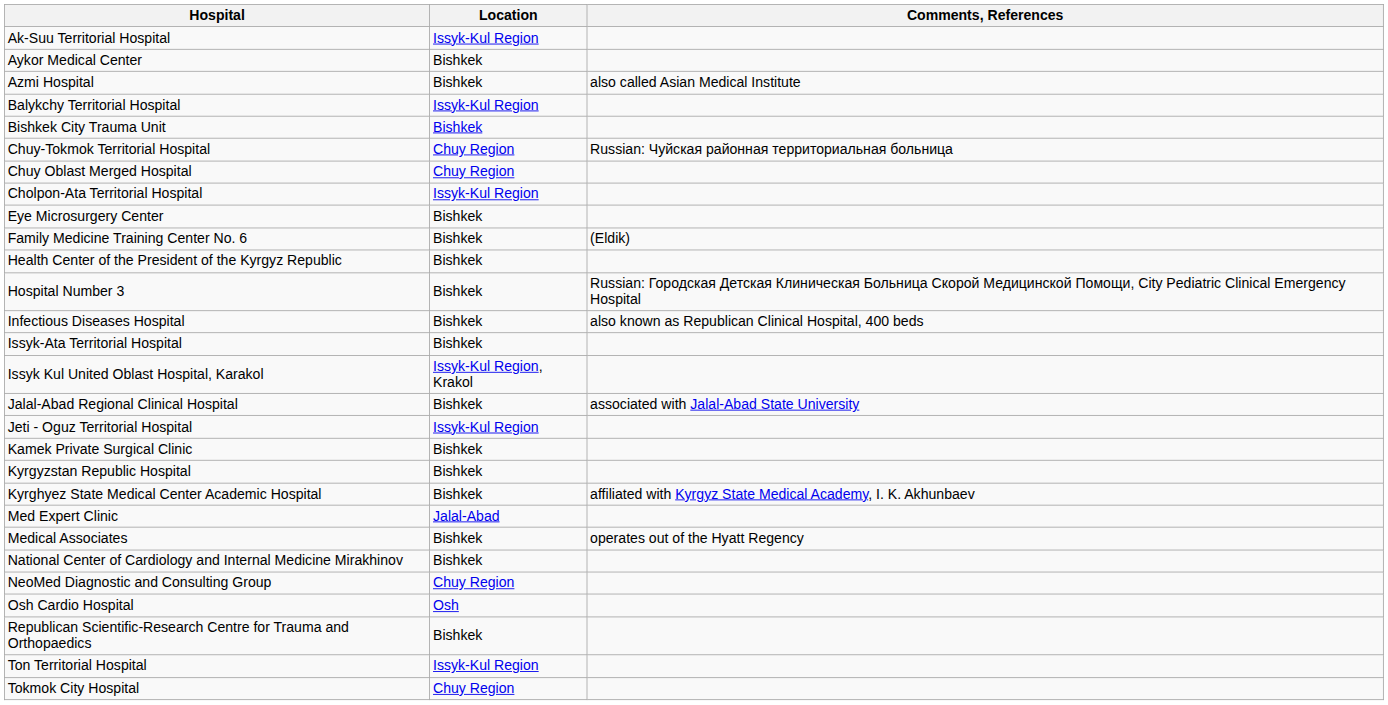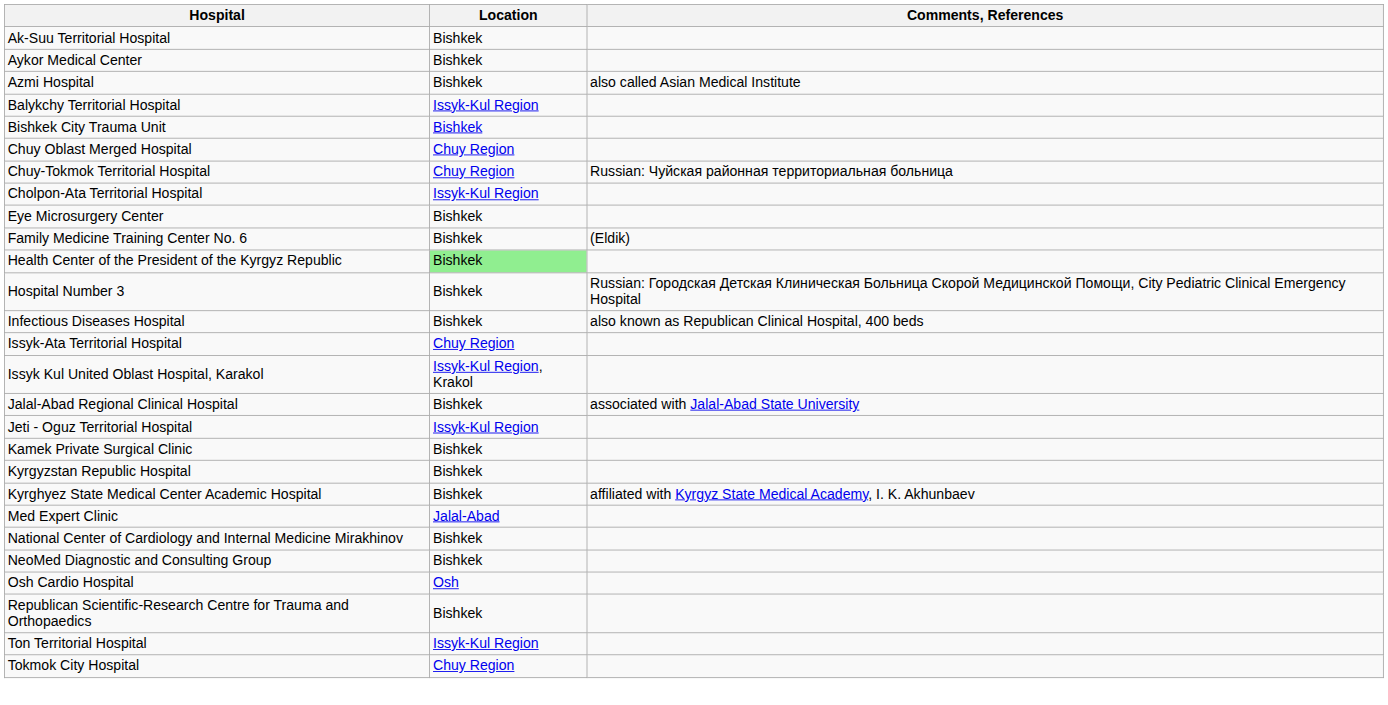 <table class="wikitable sortable plainrowheaders">
 <tr>
 <th>Hospital</th>
 <th>Location</th>
 <th>Comments, References</th>
 </tr>
 <tr>
 <td>Ak-Suu Territorial Hospital</td>
-<td><a href='#'>Issyk-Kul Region</a></td>
+<td>Bishkek</td>
 <td></td>
 </tr>
 <tr>
 <td>Aykor Medical Center</td>
 <td>Bishkek</td>
 <td></td>
 </tr>
 <tr>
 <td>Azmi Hospital</td>
 <td>Bishkek<br><small></small></td>
 <td>also called Asian Medical Institute</td>
 </tr>
 <tr>
 <td>Balykchy Territorial Hospital</td>
 <td><a href='#'>Issyk-Kul Region</a><br><small></small></td>
 <td></td>
 </tr>
 <tr>
 <td>Bishkek City Trauma Unit</td>
 <td><a href='#'>Bishkek</a></td>
 <td></td>
 </tr>
 <tr>
+<td>Chuy Oblast Merged Hospital</td>
+<td><a href='#'>Chuy Region</a></td>
+<td></td>
+</tr>
+<tr>
 <td>Chuy-Tokmok Territorial Hospital</td>
 <td><a href='#'>Chuy Region</a><br><small></small></td>
 <td>Russian: Чуйская районная территориальная больница</td>
-</tr>
-<tr>
-<td>Chuy Oblast Merged Hospital</td>
-<td><a href='#'>Chuy Region</a></td>
-<td></td>
 </tr>
 <tr>
 <td>Cholpon-Ata Territorial Hospital</td>
 <td><a href='#'>Issyk-Kul Region</a></td>
 <td></td>
 </tr>
 <tr>
 <td>Eye Microsurgery Center</td>
 <td>Bishkek</td>
 <td></td>
 </tr>
 <tr>
 <td>Family Medicine Training Center No. 6</td>
 <td>Bishkek</td>
 <td>(Eldik)</td>
 </tr>
 <tr>
 <td>Health Center of the President of the Kyrgyz Republic</td>
-<td>Bishkek</td>
+<td style="background: lightgreen;">Bishkek</td>
 <td></td>
 </tr>
 <tr>
 <td>Hospital Number 3</td>
 <td>Bishkek<br><small></small></td>
 <td>Russian:  Городская Детская Клиническая Больница Скорой Медицинской Помощи, City Pediatric Clinical Emergency Hospital</td>
 </tr>
 <tr>
 <td>Infectious Diseases Hospital</td>
 <td>Bishkek<br><small></small></td>
 <td>also known as Republican Clinical Hospital, 400 beds</td>
 </tr>
 <tr>
 <td>Issyk-Ata Territorial Hospital</td>
-<td>Bishkek<br><small></small></td>
+<td><a href='#'>Chuy Region</a></td>
 <td></td>
 </tr>
 <tr>
 <td>Issyk Kul United Oblast Hospital, Karakol</td>
 <td><a href='#'>Issyk-Kul Region</a>, Krakol</td>
 <td></td>
 </tr>
 <tr>
 <td>Jalal-Abad Regional Clinical Hospital</td>
 <td>Bishkek</td>
 <td>associated with <a href='#'>Jalal-Abad State University</a></td>
 </tr>
 <tr>
 <td>Jeti - Oguz Territorial Hospital</td>
 <td><a href='#'>Issyk-Kul Region</a></td>
 <td></td>
 </tr>
 <tr>
 <td>Kamek Private Surgical Clinic</td>
 <td>Bishkek<br><small></small></td>
 <td></td>
 </tr>
 <tr>
 <td>Kyrgyzstan Republic Hospital</td>
 <td>Bishkek<br><small></small></td>
 <td></td>
 </tr>
 <tr>
 <td>Kyrghyez State Medical Center Academic Hospital</td>
 <td>Bishkek<br><small></small></td>
 <td>affiliated with <a href='#'>Kyrgyz State Medical Academy</a>,  I. K. Akhunbaev</td>
 </tr>
 <tr>
 <td>Med Expert Clinic</td>
 <td><a href='#'>Jalal-Abad</a></td>
 <td></td>
 </tr>
 <tr>
-<td>Medical Associates</td>
-<td>Bishkek<br><small></small></td>
-<td>operates out of the Hyatt Regency</td>
-</tr>
-<tr>
 <td>National Center of Cardiology and Internal Medicine Mirakhinov</td>
 <td>Bishkek<br><small></small></td>
 <td></td>
 </tr>
 <tr>
 <td>NeoMed Diagnostic and Consulting Group</td>
-<td><a href='#'>Chuy Region</a></td>
+<td>Bishkek<br><small></small></td>
 <td></td>
 </tr>
 <tr>
 <td>Osh Cardio Hospital</td>
 <td><a href='#'>Osh</a><br><small></small></td>
 <td></td>
 </tr>
 <tr>
 <td>Republican Scientific-Research Centre for Trauma and Orthopaedics</td>
 <td>Bishkek</td>
 <td></td>
 </tr>
 <tr>
 <td>Ton Territorial Hospital</td>
 <td><a href='#'>Issyk-Kul Region</a></td>
 <td></td>
 </tr>
 <tr>
 <td>Tokmok City Hospital</td>
 <td><a href='#'>Chuy Region</a></td>
 <td></td>
 </tr>
 </table>
